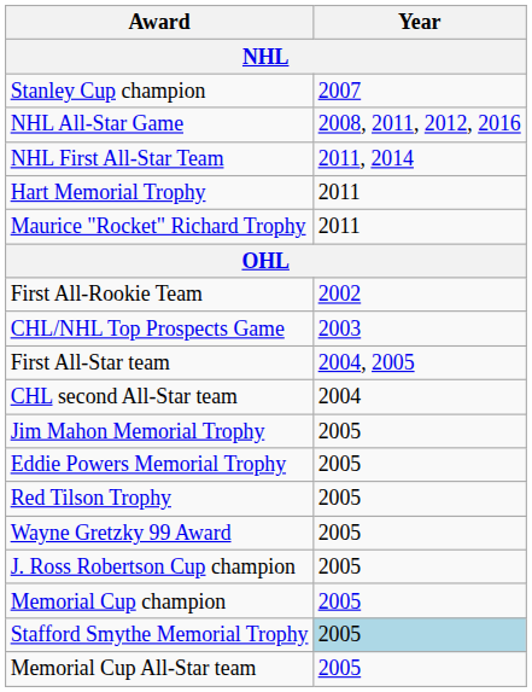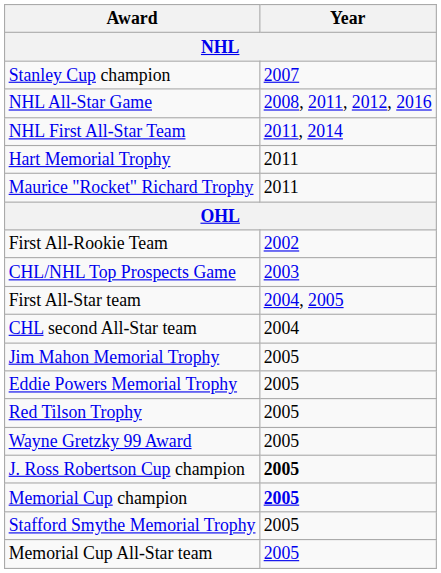 <table class="wikitable">
 <tr>
 <th>Award</th>
 <th>Year</th>
 </tr>
 <tr>
 <th colspan="2"><a href='#'>NHL</a></th>
 </tr>
 <tr>
 <td><a href='#'>Stanley Cup</a> champion</td>
 <td><a href='#'>2007</a></td>
 </tr>
 <tr>
 <td><a href='#'>NHL All-Star Game</a></td>
 <td><a href='#'>2008</a>, <a href='#'>2011</a>, <a href='#'>2012</a>, <a href='#'>2016</a></td>
 </tr>
 <tr>
 <td><a href='#'>NHL First All-Star Team</a></td>
 <td><a href='#'>2011</a>, <a href='#'>2014</a></td>
 </tr>
 <tr>
 <td><a href='#'>Hart Memorial Trophy</a></td>
 <td>2011</td>
 </tr>
 <tr>
 <td><a href='#'>Maurice "Rocket" Richard Trophy</a></td>
 <td>2011</td>
 </tr>
 <tr>
 <th colspan="2"><a href='#'>OHL</a></th>
 </tr>
 <tr>
 <td>First All-Rookie Team</td>
 <td><a href='#'>2002</a></td>
 </tr>
 <tr>
 <td><a href='#'>CHL/NHL Top Prospects Game</a></td>
 <td><a href='#'>2003</a></td>
 </tr>
 <tr>
 <td>First All-Star team</td>
 <td><a href='#'>2004</a>, <a href='#'>2005</a></td>
 </tr>
 <tr>
 <td><a href='#'>CHL</a> second All-Star team</td>
 <td>2004</td>
 </tr>
 <tr>
 <td><a href='#'>Jim Mahon Memorial Trophy</a></td>
 <td>2005</td>
 </tr>
 <tr>
 <td><a href='#'>Eddie Powers Memorial Trophy</a></td>
 <td>2005</td>
 </tr>
 <tr>
 <td><a href='#'>Red Tilson Trophy</a></td>
 <td>2005</td>
 </tr>
 <tr>
 <td><a href='#'>Wayne Gretzky 99 Award</a></td>
 <td>2005</td>
 </tr>
 <tr>
 <td><a href='#'>J. Ross Robertson Cup</a> champion</td>
-<td>2005</td>
+<td><strong>2005</strong></td>
 </tr>
 <tr>
 <td><a href='#'>Memorial Cup</a> champion</td>
-<td><a href='#'>2005</a></td>
+<td><strong><a href='#'>2005</a></strong></td>
 </tr>
 <tr>
 <td><a href='#'>Stafford Smythe Memorial Trophy</a></td>
-<td style="background: lightblue;">2005</td>
+<td>2005</td>
 </tr>
 <tr>
 <td>Memorial Cup All-Star team</td>
 <td><a href='#'>2005</a></td>
 </tr>
 </table>
